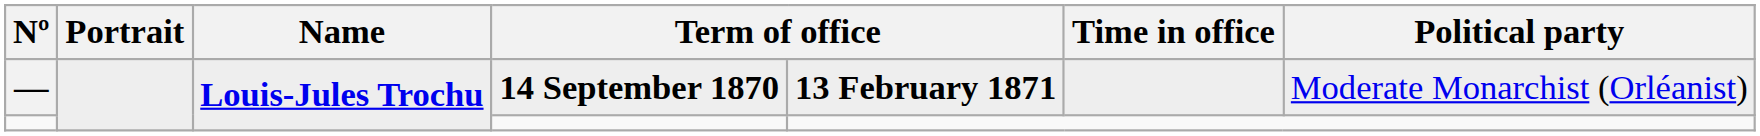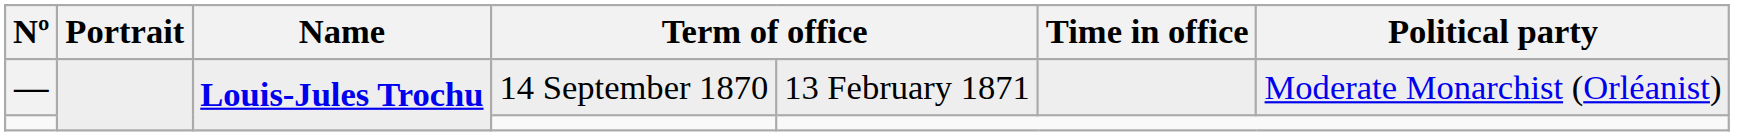 <table class="wikitable">
 <tr>
 <th>Nº</th>
 <th>Portrait</th>
 <th>Name<br></th>
 <th colspan=2>Term of office</th>
 <th>Time in office</th>
 <th>Political party</th>
 </tr>
 <tr bgcolor=#EEEEEE>
 <th style="background:">—</th>
 <td rowspan=2></td>
 <td rowspan=2 align=center><strong><a href='#'>Louis-Jules Trochu</a></strong><br></td>
-<td><strong>14 September 1870</strong></td>
-<td><strong>13 February 1871</strong></td>
+<td>14 September 1870</td>
+<td>13 February 1871</td>
 <td></td>
 <td><a href='#'>Moderate Monarchist</a> (<a href='#'>Orléanist</a>)</td>
 </tr>
 <tr>
 <td colspan=4></td>
 </tr>
 </table>
